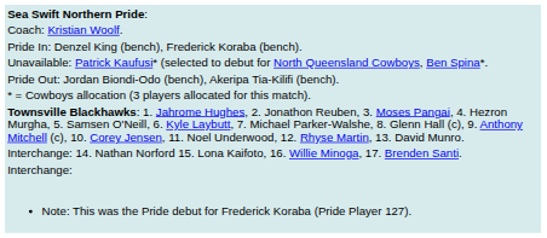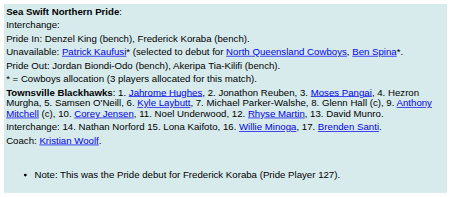 <table style="background:#d7ebed; font-size:85%; width:100%;">
 <tr>
 <td><strong>Sea Swift Northern Pride</strong>:             </td>
 </tr>
 <tr>
-<td>Coach: <a href='#'>Kristian Woolf</a>.</td>
+<td>Interchange:    </td>
 </tr>
 <tr>
 <td>Pride In: Denzel King (bench), Frederick Koraba (bench).</td>
 </tr>
 <tr>
 <td>Unavailable: <a href='#'>Patrick Kaufusi</a>* (selected to debut for <a href='#'>North Queensland Cowboys</a>, <a href='#'>Ben Spina</a>*.</td>
 </tr>
 <tr>
 <td>Pride Out: Jordan Biondi-Odo (bench), Akeripa Tia-Kilifi (bench).</td>
 </tr>
 <tr>
 <td>* = Cowboys allocation (3 players allocated for this match).</td>
 </tr>
 <tr>
 <td><strong>Townsville Blackhawks</strong>: 1. <a href='#'>Jahrome Hughes</a>, 2. Jonathon Reuben, 3. <a href='#'>Moses Pangai</a>, 4. Hezron Murgha, 5. Samsen O'Neill, 6. <a href='#'>Kyle Laybutt</a>, 7. Michael Parker-Walshe, 8. Glenn Hall (c), 9. <a href='#'>Anthony Mitchell</a> (c), 10. <a href='#'>Corey Jensen</a>, 11. Noel Underwood, 12. <a href='#'>Rhyse Martin</a>, 13. David Munro.</td>
 </tr>
 <tr>
 <td>Interchange: 14. Nathan Norford 15. Lona Kaifoto, 16. <a href='#'>Willie Minoga</a>, 17. <a href='#'>Brenden Santi</a>.</td>
 </tr>
 <tr>
-<td>Interchange:    </td>
+<td>Coach: <a href='#'>Kristian Woolf</a>.</td>
 </tr>
 <tr>
 <td><br><ul><li>Note: This was the Pride debut for Frederick Koraba (Pride Player 127).</li></ul></td>
 </tr>
 <tr>
 </tr>
 </table>
